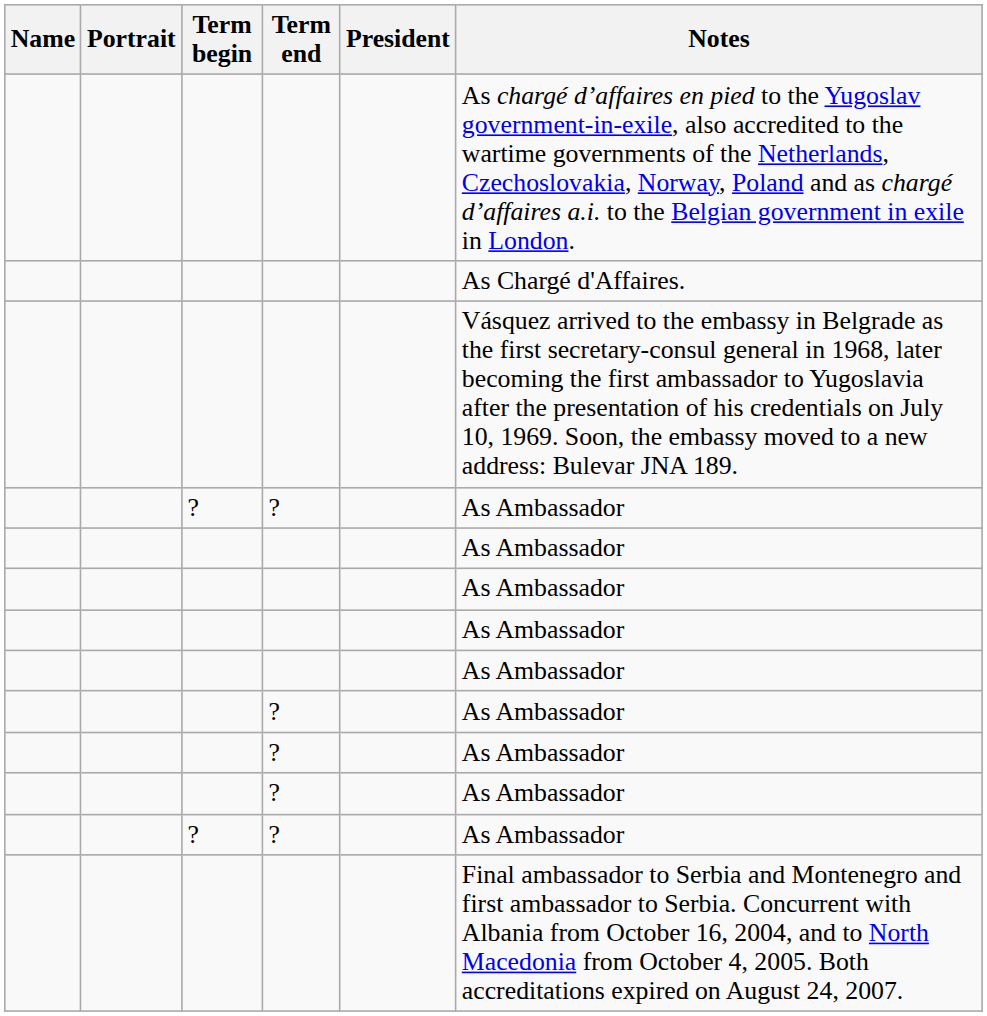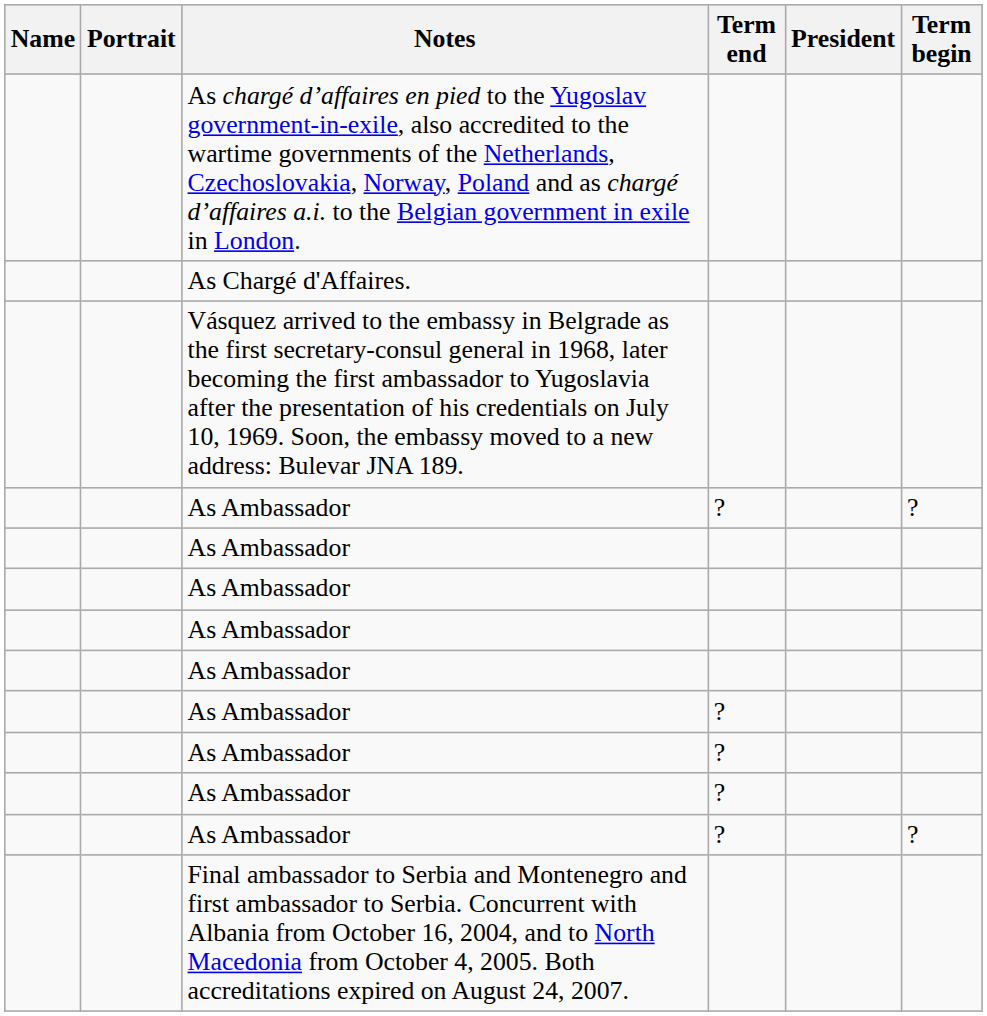 <table class="wikitable sortable"  text-align:center;">
 <tr>
 <th>Name</th>
 <th class="unsortable">Portrait</th>
-<th>Term begin</th>
+<th class="unsortable">Notes</th>
 <th>Term end</th>
 <th>President</th>
-<th class="unsortable">Notes</th>
+<th>Term begin</th>
 </tr>
 <tr>
 <td></td>
 <td></td>
+<td>As <em>chargé d’affaires en pied</em> to the <a href='#'>Yugoslav government-in-exile</a>, also accredited to the wartime governments of the <a href='#'>Netherlands</a>, <a href='#'>Czechoslovakia</a>, <a href='#'>Norway</a>, <a href='#'>Poland</a> and as <em>chargé d’affaires a.i.</em> to the <a href='#'>Belgian government in exile</a> in <a href='#'>London</a>.</td>
 <td></td>
 <td></td>
 <td></td>
-<td>As <em>chargé d’affaires en pied</em> to the <a href='#'>Yugoslav government-in-exile</a>, also accredited to the wartime governments of the <a href='#'>Netherlands</a>, <a href='#'>Czechoslovakia</a>, <a href='#'>Norway</a>, <a href='#'>Poland</a> and as <em>chargé d’affaires a.i.</em> to the <a href='#'>Belgian government in exile</a> in <a href='#'>London</a>.</td>
 </tr>
 <tr>
 <td></td>
 <td></td>
+<td>As Chargé d'Affaires.</td>
 <td></td>
 <td></td>
 <td></td>
-<td>As Chargé d'Affaires.</td>
 </tr>
 <tr>
 <td></td>
 <td></td>
+<td>Vásquez arrived to the embassy in Belgrade as the first secretary-consul general in 1968, later becoming the first ambassador to Yugoslavia after the presentation of his credentials on July 10, 1969. Soon, the embassy moved to a new address: Bulevar JNA 189.</td>
 <td></td>
 <td></td>
 <td></td>
-<td>Vásquez arrived to the embassy in Belgrade as the first secretary-consul general in 1968, later becoming the first ambassador to Yugoslavia after the presentation of his credentials on July 10, 1969. Soon, the embassy moved to a new address: Bulevar JNA 189.</td>
 </tr>
 <tr>
 <td></td>
 <td></td>
-<td>?</td>
+<td>As Ambassador</td>
 <td>?</td>
 <td></td>
-<td>As Ambassador</td>
+<td>?</td>
 </tr>
 <tr>
 <td></td>
 <td></td>
+<td>As Ambassador</td>
 <td></td>
 <td></td>
 <td></td>
-<td>As Ambassador</td>
 </tr>
 <tr>
 <td></td>
 <td></td>
+<td>As Ambassador</td>
 <td></td>
 <td></td>
 <td></td>
-<td>As Ambassador</td>
 </tr>
 <tr>
 <td></td>
 <td></td>
+<td>As Ambassador</td>
 <td></td>
 <td></td>
 <td></td>
-<td>As Ambassador</td>
 </tr>
 <tr>
 <td></td>
 <td></td>
+<td>As Ambassador</td>
 <td></td>
 <td></td>
 <td></td>
-<td>As Ambassador</td>
 </tr>
 <tr>
 <td></td>
 <td></td>
-<td></td>
+<td>As Ambassador</td>
 <td>?</td>
 <td></td>
-<td>As Ambassador</td>
+<td></td>
 </tr>
 <tr>
 <td></td>
 <td></td>
-<td></td>
+<td>As Ambassador</td>
 <td>?</td>
 <td></td>
-<td>As Ambassador</td>
+<td></td>
 </tr>
 <tr>
 <td></td>
 <td></td>
-<td></td>
+<td>As Ambassador</td>
 <td>?</td>
 <td></td>
-<td>As Ambassador</td>
+<td></td>
 </tr>
 <tr>
 <td></td>
 <td></td>
-<td>?</td>
+<td>As Ambassador</td>
 <td>?</td>
 <td></td>
-<td>As Ambassador</td>
+<td>?</td>
 </tr>
 <tr>
 <td></td>
 <td></td>
+<td>Final ambassador to Serbia and Montenegro and first ambassador to Serbia. Concurrent with Albania from October 16, 2004, and to <a href='#'>North Macedonia</a> from October 4, 2005. Both accreditations expired on August 24, 2007.</td>
 <td></td>
 <td></td>
 <td></td>
-<td>Final ambassador to Serbia and Montenegro and first ambassador to Serbia. Concurrent with Albania from October 16, 2004, and to <a href='#'>North Macedonia</a> from October 4, 2005. Both accreditations expired on August 24, 2007.</td>
 </tr>
 </table>
